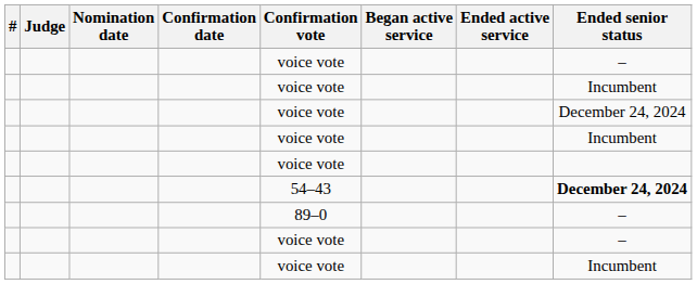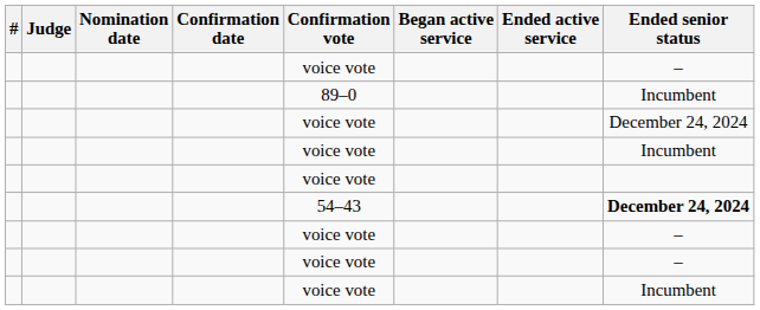 <table class="sortable wikitable">
 <tr>
 <th>#</th>
 <th>Judge</th>
 <th>Nomination<br>date</th>
 <th>Confirmation<br>date</th>
 <th>Confirmation<br>vote</th>
 <th>Began active<br>service</th>
 <th>Ended active<br>service</th>
 <th>Ended senior<br>status</th>
 </tr>
 <tr>
 <td></td>
 <td></td>
 <td></td>
 <td></td>
 <td align= "center">voice vote</td>
 <td></td>
 <td></td>
 <td align= "center">–</td>
 </tr>
 <tr>
 <td></td>
 <td></td>
 <td></td>
 <td></td>
-<td align= "center">voice vote</td>
+<td align= "center">89–0</td>
 <td></td>
 <td></td>
 <td align="center">Incumbent</td>
 </tr>
 <tr>
 <td></td>
 <td></td>
 <td></td>
 <td></td>
 <td align= "center">voice vote</td>
 <td></td>
 <td></td>
 <td align="center">December 24, 2024</td>
 </tr>
 <tr>
 <td></td>
 <td></td>
 <td></td>
 <td></td>
 <td align= "center">voice vote</td>
 <td></td>
 <td></td>
 <td align="center">Incumbent</td>
 </tr>
 <tr>
 <td></td>
 <td></td>
 <td></td>
 <td></td>
 <td align= "center">voice vote</td>
 <td></td>
 <td></td>
 <td></td>
 </tr>
 <tr>
 <td></td>
 <td></td>
 <td></td>
 <td></td>
 <td align= "center">54–43</td>
 <td></td>
 <td></td>
 <td align="center"><strong>December 24, 2024</strong></td>
 </tr>
 <tr>
 <td></td>
 <td></td>
 <td></td>
 <td></td>
-<td align= "center">89–0</td>
+<td align= "center">voice vote</td>
 <td></td>
 <td></td>
 <td align="center">–</td>
 </tr>
 <tr>
 <td></td>
 <td></td>
 <td></td>
 <td></td>
 <td align= "center">voice vote</td>
 <td></td>
 <td></td>
 <td align="center">–</td>
 </tr>
 <tr>
 <td></td>
 <td></td>
 <td></td>
 <td></td>
 <td align= "center">voice vote</td>
 <td></td>
 <td></td>
 <td align="center">Incumbent</td>
 </tr>
 </table>
